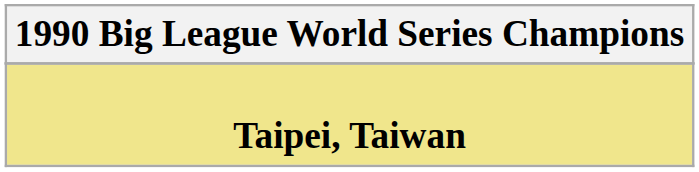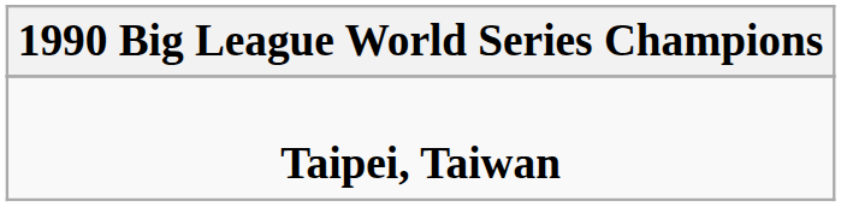 <table class="wikitable" style="text-align: center; margin: 0 auto;">
 <tr>
 <th>1990 Big League World Series Champions</th>
 </tr>
 <tr>
 </tr>
 <tr>
-<td style="background: khaki;"><br><strong>Taipei, Taiwan</strong></td>
+<td><br><strong>Taipei, Taiwan</strong></td>
 </tr>
 </table>
